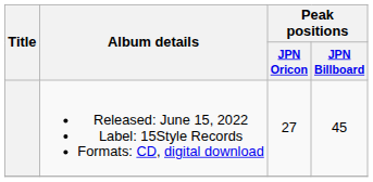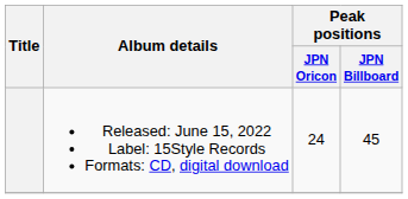 <table class="wikitable plainrowheaders" style="text-align:center;">
 <tr>
 <th scope="col" rowspan="2">Title</th>
 <th scope="col" rowspan="2">Album details</th>
 <th scope="col" colspan="2">Peak<br> positions</th>
 </tr>
 <tr>
 <th scope="col" colspan="1"><small><a href='#'>JPN<br>Oricon</a></small><br></th>
 <th scope="col" colspan="1"><small><a href='#'>JPN<br>Billboard</a></small><br></th>
 </tr>
 <tr>
 <th scope="row"></th>
 <td><br><ul><li>Released: June 15, 2022</li><li>Label: 15Style Records</li><li>Formats: <a href='#'>CD</a>, <a href='#'>digital download</a></li></ul></td>
-<td>27</td>
+<td>24</td>
 <td>45</td>
 </tr>
 <tr>
 </tr>
 </table>
